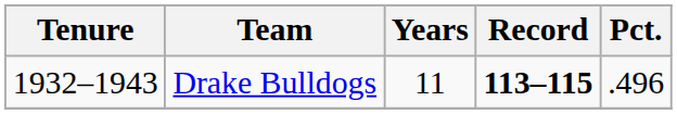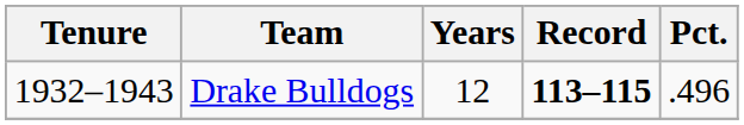 <table class="wikitable" style="text-align:center">
 <tr>
 <th>Tenure</th>
 <th>Team</th>
 <th>Years</th>
 <th>Record</th>
 <th>Pct.</th>
 </tr>
 <tr>
 <td>1932–1943</td>
 <td><a href='#'>Drake Bulldogs</a></td>
-<td>11</td>
+<td>12</td>
 <td><strong>113–115</strong></td>
 <td>.496</td>
 </tr>
 <tr>
 </tr>
 </table>
